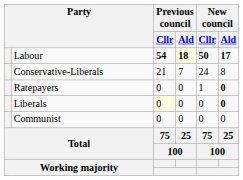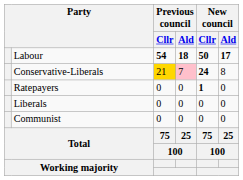 <table class="wikitable">
 <tr>
 <th valign=top colspan="2" rowspan="2" style="width: 230px">Party</th>
 <th valign=top colspan="2" style="width: 30px">Previous council</th>
 <th valign=top colspan="2" style="width: 30px">New council</th>
 </tr>
 <tr>
 <th><a href='#'>Cllr</a></th>
 <th><a href='#'>Ald</a></th>
 <th><a href='#'>Cllr</a></th>
 <th><a href='#'>Ald</a></th>
 </tr>
 <tr>
 <th style="background-color: "></th>
 <td>Labour</td>
 <td><strong>54</strong></td>
-<td style="background: lightyellow;"><strong>18</strong></td>
+<td><strong>18</strong></td>
 <td><strong>50</strong></td>
 <td><strong>17</strong></td>
 </tr>
 <tr>
 <th style="background-color: "></th>
 <td>Conservative-Liberals</td>
-<td>21</td>
-<td>7</td>
-<td>24</td>
+<td style="background: gold;">21</td>
+<td style="background: pink;">7</td>
+<td><strong>24</strong></td>
 <td>8</td>
 </tr>
 <tr>
 <th style="background-color: "></th>
 <td>Ratepayers</td>
 <td>0</td>
 <td>0</td>
-<td>1</td>
-<td><strong>0</strong></td>
+<td><strong>1</strong></td>
+<td>0</td>
 </tr>
 <tr>
 <th style="background-color: "></th>
 <td>Liberals</td>
-<td style="background: lightyellow;">0</td>
 <td>0</td>
 <td>0</td>
-<td><strong>0</strong></td>
+<td>0</td>
+<td>0</td>
 </tr>
 <tr>
 <th style="background-color: "></th>
 <td>Communist</td>
 <td>0</td>
 <td>0</td>
 <td>0</td>
 <td>0</td>
 </tr>
 <tr>
 <th colspan="2" rowspan="2">Total</th>
 <th style="text-align: center">75</th>
 <th style="text-align: center">25</th>
 <th style="text-align: center">75</th>
 <th style="text-align: center">25</th>
 </tr>
 <tr>
 <th colspan="2" style="text-align: center">100</th>
 <th colspan="2" style="text-align: center">100</th>
 </tr>
 <tr>
 <th colspan="2" rowspan="2">Working majority</th>
 <th></th>
 <th></th>
 <th></th>
 <th></th>
 </tr>
 <tr>
 <th colspan="2"></th>
 <th colspan="2"></th>
 </tr>
 </table>
